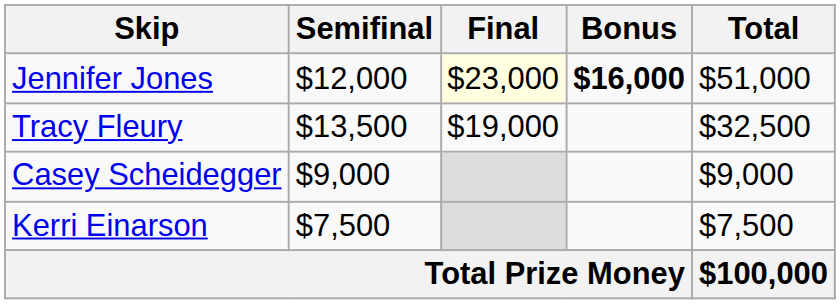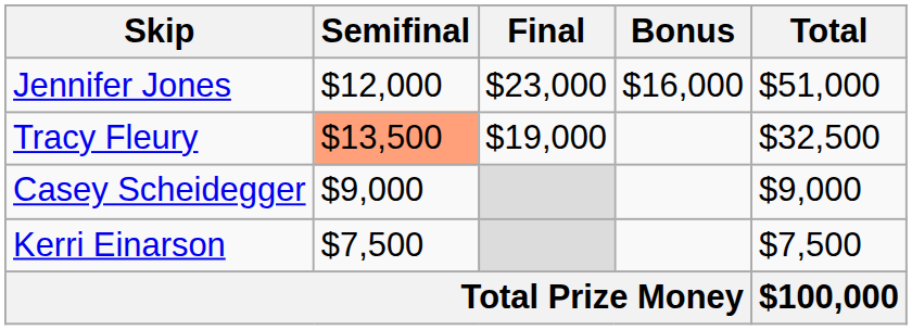 <table class="wikitable sortable">
 <tr>
 <th>Skip</th>
 <th>Semifinal</th>
 <th>Final</th>
 <th>Bonus</th>
 <th>Total</th>
 </tr>
 <tr>
 <td><a href='#'>Jennifer Jones</a></td>
 <td>$12,000</td>
-<td style="background: lightyellow;">$23,000</td>
-<td><strong>$16,000</strong></td>
+<td>$23,000</td>
+<td>$16,000</td>
 <td>$51,000</td>
 </tr>
 <tr>
 <td><a href='#'>Tracy Fleury</a></td>
-<td>$13,500</td>
+<td style="background: lightsalmon;">$13,500</td>
 <td>$19,000</td>
 <td></td>
 <td>$32,500</td>
 </tr>
 <tr>
 <td><a href='#'>Casey Scheidegger</a></td>
 <td>$9,000</td>
 <td bgcolor=#DCDCDC></td>
 <td></td>
 <td>$9,000</td>
 </tr>
 <tr>
 <td><a href='#'>Kerri Einarson</a></td>
 <td>$7,500</td>
 <td bgcolor=#DCDCDC></td>
 <td></td>
 <td>$7,500</td>
 </tr>
 <tr class=sortbottom>
 <th colspan=4 style="text-align:right;">Total Prize Money</th>
 <th>$100,000</th>
 </tr>
 </table>
